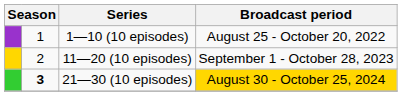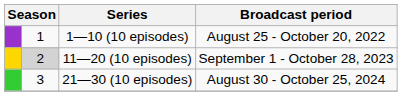 <table class="wikitable">
 <tr>
 <th rowspan="1" colspan="2">Season</th>
 <th rowspan="1">Series</th>
 <th rowspan="1">Broadcast period</th>
 </tr>
 <tr style="text-align: center">
 <td style="background:#9932CC;"></td>
 <td>1</td>
 <td>1—10 (10 episodes)</td>
 <td>August 25 - October 20, 2022</td>
 </tr>
 <tr style="text-align: center">
 <td style="background:#FFD700;"></td>
-<td>2</td>
+<td style="background: lightgrey;">2</td>
 <td>11—20 (10 episodes)</td>
 <td>September 1 - October 28, 2023</td>
 </tr>
 <tr style="text-align: center">
 <td style="background:#32CD32;"></td>
-<td><strong>3</strong></td>
+<td>3</td>
 <td>21—30 (10 episodes)</td>
-<td style="background: gold;">August 30 - October 25, 2024</td>
+<td>August 30 - October 25, 2024</td>
 </tr>
 <tr>
 </tr>
 </table>
